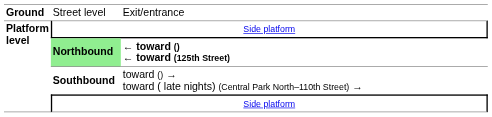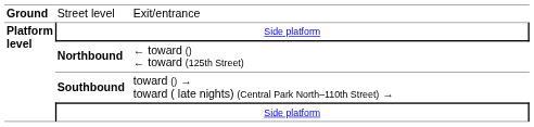 <table table border=0 cellspacing=0 cellpadding=3>
 <tr>
 <td style="border-top:solid 1px gray;" width=50><strong>Ground</strong></td>
 <td style="border-top:solid 1px gray;" width=100>Street level</td>
 <td style="border-top:solid 1px gray;" width=550>Exit/entrance</td>
 </tr>
 <tr>
 <td style="border-top:solid 1px gray;border-bottom:solid 1px gray;" rowspan=4 valign=top><strong>Platform level</strong></td>
 <td style="border-top:solid 1px gray;border-right:solid 2px black;border-left:solid 2px black;border-bottom:solid 2px black;text-align:center;" colspan=2><small><a href='#'>Side platform</a></small></td>
 </tr>
 <tr>
-<td style="background: lightgreen; border-bottom:solid 1px gray;"><span><strong>Northbound</strong></span></td>
-<td style="border-bottom:solid 1px gray;"><strong>←  toward  <small>()</small><br>←  toward  <small>(125th Street)</small></strong></td>
+<td style="border-bottom:solid 1px gray;"><span><strong>Northbound</strong></span></td>
+<td style="border-bottom:solid 1px gray;">←  toward  <small>()</small><br>←  toward  <small>(125th Street)</small></td>
 </tr>
 <tr>
 <td><span><strong>Southbound</strong></span></td>
 <td>  toward  <small>()</small> →<br>  toward  ( late nights) <small>(Central Park North–110th Street)</small> →</td>
 </tr>
 <tr>
 <td style="border-bottom:solid 1px gray;border-top:solid 2px black;border-right:solid 2px black;border-left:solid 2px black;text-align:center;" colspan=2><small><a href='#'>Side platform</a></small></td>
 </tr>
 </table>
